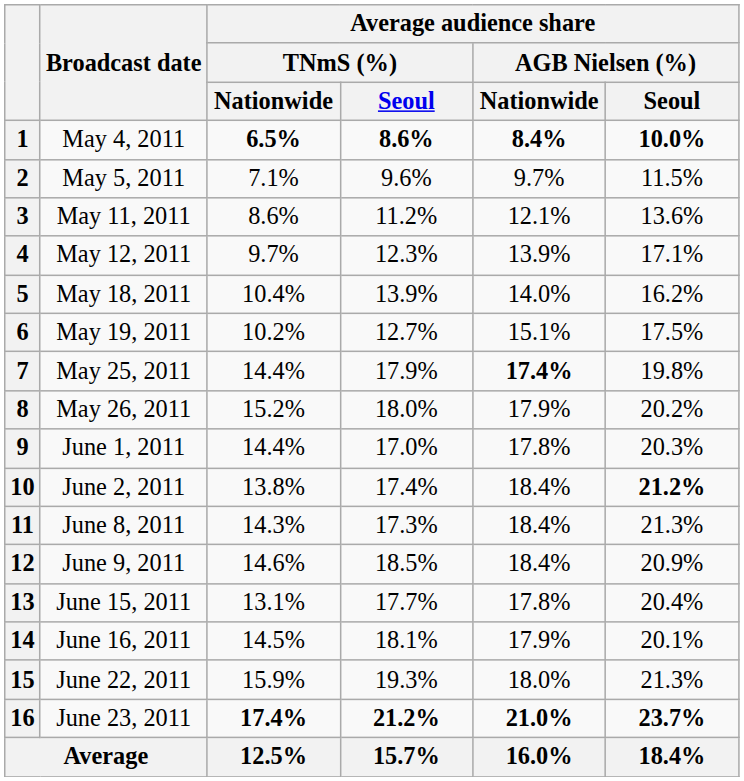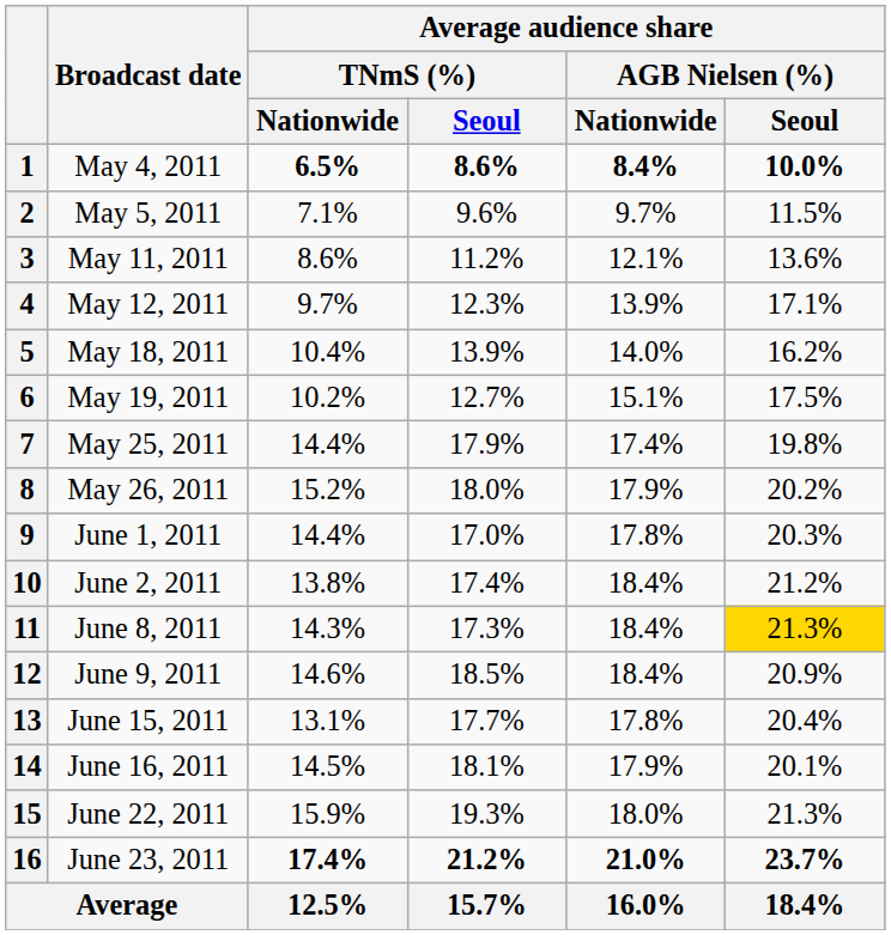 <table class=wikitable style="text-align:center">
 <tr>
 <th rowspan="3"></th>
 <th rowspan="3">Broadcast date</th>
 <th colspan="4">Average audience share</th>
 </tr>
 <tr>
 <th colspan="2">TNmS (%)</th>
 <th colspan="2">AGB Nielsen (%)</th>
 </tr>
 <tr>
 <th width=80>Nationwide</th>
 <th width=80><a href='#'>Seoul</a></th>
 <th width=80>Nationwide</th>
 <th width=80>Seoul</th>
 </tr>
 <tr>
 <th>1</th>
 <td>May 4, 2011</td>
 <td><span> <strong>6.5%</strong> </span></td>
 <td><span> <strong>8.6%</strong> </span></td>
 <td><span> <strong>8.4%</strong> </span></td>
 <td><span> <strong>10.0%</strong> </span></td>
 </tr>
 <tr>
 <th>2</th>
 <td>May 5, 2011</td>
 <td>7.1%</td>
 <td>9.6%</td>
 <td>9.7%</td>
 <td>11.5%</td>
 </tr>
 <tr>
 <th>3</th>
 <td>May 11, 2011</td>
 <td>8.6%</td>
 <td>11.2%</td>
 <td>12.1%</td>
 <td>13.6%</td>
 </tr>
 <tr>
 <th>4</th>
 <td>May 12, 2011</td>
 <td>9.7%</td>
 <td>12.3%</td>
 <td>13.9%</td>
 <td>17.1%</td>
 </tr>
 <tr>
 <th>5</th>
 <td>May 18, 2011</td>
 <td>10.4%</td>
 <td>13.9%</td>
 <td>14.0%</td>
 <td>16.2%</td>
 </tr>
 <tr>
 <th>6</th>
 <td>May 19, 2011</td>
 <td>10.2%</td>
 <td>12.7%</td>
 <td>15.1%</td>
 <td>17.5%</td>
 </tr>
 <tr>
 <th>7</th>
 <td>May 25, 2011</td>
 <td>14.4%</td>
 <td>17.9%</td>
-<td><strong>17.4%</strong></td>
+<td>17.4%</td>
 <td>19.8%</td>
 </tr>
 <tr>
 <th>8</th>
 <td>May 26, 2011</td>
 <td>15.2%</td>
 <td>18.0%</td>
 <td>17.9%</td>
 <td>20.2%</td>
 </tr>
 <tr>
 <th>9</th>
 <td>June 1, 2011</td>
 <td>14.4%</td>
 <td>17.0%</td>
 <td>17.8%</td>
 <td>20.3%</td>
 </tr>
 <tr>
 <th>10</th>
 <td>June 2, 2011</td>
 <td>13.8%</td>
 <td>17.4%</td>
 <td>18.4%</td>
-<td><strong>21.2%</strong></td>
+<td>21.2%</td>
 </tr>
 <tr>
 <th>11</th>
 <td>June 8, 2011</td>
 <td>14.3%</td>
 <td>17.3%</td>
 <td>18.4%</td>
-<td>21.3%</td>
+<td style="background: gold;">21.3%</td>
 </tr>
 <tr>
 <th>12</th>
 <td>June 9, 2011</td>
 <td>14.6%</td>
 <td>18.5%</td>
 <td>18.4%</td>
 <td>20.9%</td>
 </tr>
 <tr>
 <th>13</th>
 <td>June 15, 2011</td>
 <td>13.1%</td>
 <td>17.7%</td>
 <td>17.8%</td>
 <td>20.4%</td>
 </tr>
 <tr>
 <th>14</th>
 <td>June 16, 2011</td>
 <td>14.5%</td>
 <td>18.1%</td>
 <td>17.9%</td>
 <td>20.1%</td>
 </tr>
 <tr>
 <th>15</th>
 <td>June 22, 2011</td>
 <td>15.9%</td>
 <td>19.3%</td>
 <td>18.0%</td>
 <td>21.3%</td>
 </tr>
 <tr>
 <th>16</th>
 <td>June 23, 2011</td>
 <td><span><strong>17.4%</strong></span></td>
 <td><span><strong>21.2%</strong></span></td>
 <td><span><strong>21.0%</strong></span></td>
 <td><span><strong>23.7%</strong></span></td>
 </tr>
 <tr>
 <th colspan=2>Average</th>
 <th>12.5%</th>
 <th>15.7%</th>
 <th>16.0%</th>
 <th>18.4%</th>
 </tr>
 </table>
